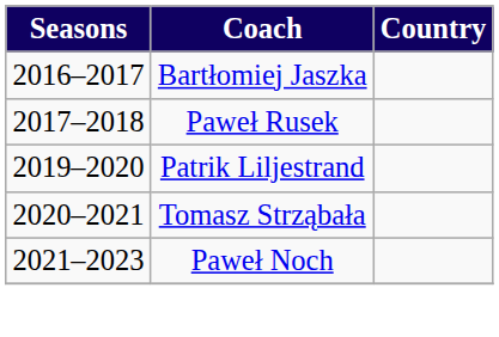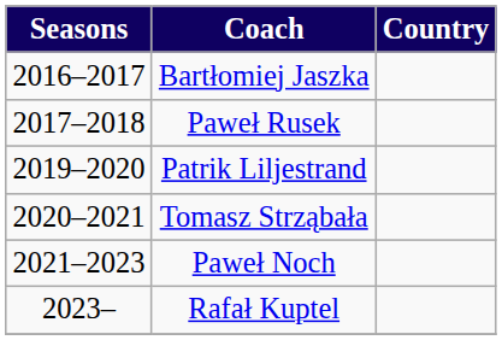 <table class="wikitable" style="text-align: center">
 <tr>
 <th style="color:#FFFFFF; background:#0F0061">Seasons</th>
 <th style="color:#FFFFFF; background:#0F0061">Coach</th>
 <th style="color:#FFFFFF; background:#0F0061">Country</th>
 </tr>
 <tr>
 <td style="text-align: center">2016–2017</td>
 <td style="text-align: center"><a href='#'>Bartłomiej Jaszka</a></td>
 <td style="text-align: center"></td>
 </tr>
 <tr>
 <td style="text-align: center">2017–2018</td>
 <td style="text-align: center"><a href='#'>Paweł Rusek</a></td>
 <td style="text-align: center"></td>
 </tr>
 <tr>
 <td style="text-align: center">2019–2020</td>
 <td style="text-align: center"><a href='#'>Patrik Liljestrand</a></td>
 <td style="text-align: center"></td>
 </tr>
 <tr>
 <td style="text-align: center">2020–2021</td>
 <td style="text-align: center"><a href='#'>Tomasz Strząbała</a></td>
 <td style="text-align: center"></td>
 </tr>
 <tr>
 <td style="text-align: center">2021–2023</td>
 <td style="text-align: center"><a href='#'>Paweł Noch</a></td>
 <td style="text-align: center"></td>
 </tr>
 <tr>
+<td style="text-align: center">2023–</td>
+<td style="text-align: center"><a href='#'>Rafał Kuptel</a></td>
+<td style="text-align: center"></td>
+</tr>
+<tr>
 </tr>
 </table>
